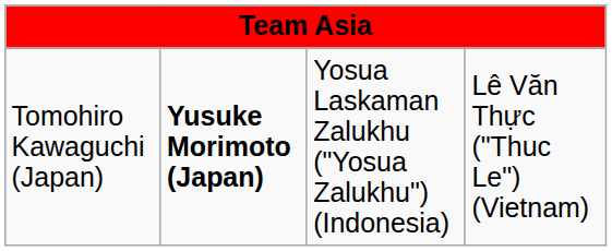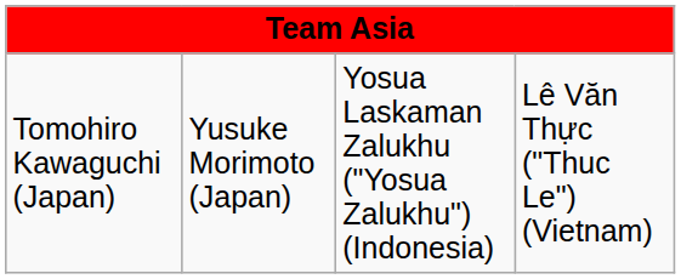 <table class="wikitable" style="width:40%; text-align=center;">
 <tr>
 <th colspan="4" style="background:red;">Team Asia</th>
 </tr>
 <tr>
 <td style="width:10%;">Tomohiro Kawaguchi (Japan)</td>
-<td style="width:10%;"><strong>Yusuke Morimoto (Japan)</strong></td>
+<td style="width:10%;">Yusuke Morimoto (Japan)</td>
 <td style="width:10%;">Yosua Laskaman Zalukhu<br>("Yosua Zalukhu") (Indonesia)</td>
 <td style="width:10%;">Lê Văn Thực<br>("Thuc Le") (Vietnam)</td>
 </tr>
 </table>
